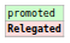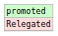 <table class="wikitable">
 <tr width=10px bgcolor="#ccffcc">
 <td>promoted</td>
 </tr>
 <tr width=10px bgcolor="#ffdddd">
-<td><strong>Relegated</strong></td>
+<td>Relegated</td>
 </tr>
 <tr>
 </tr>
 </table>
